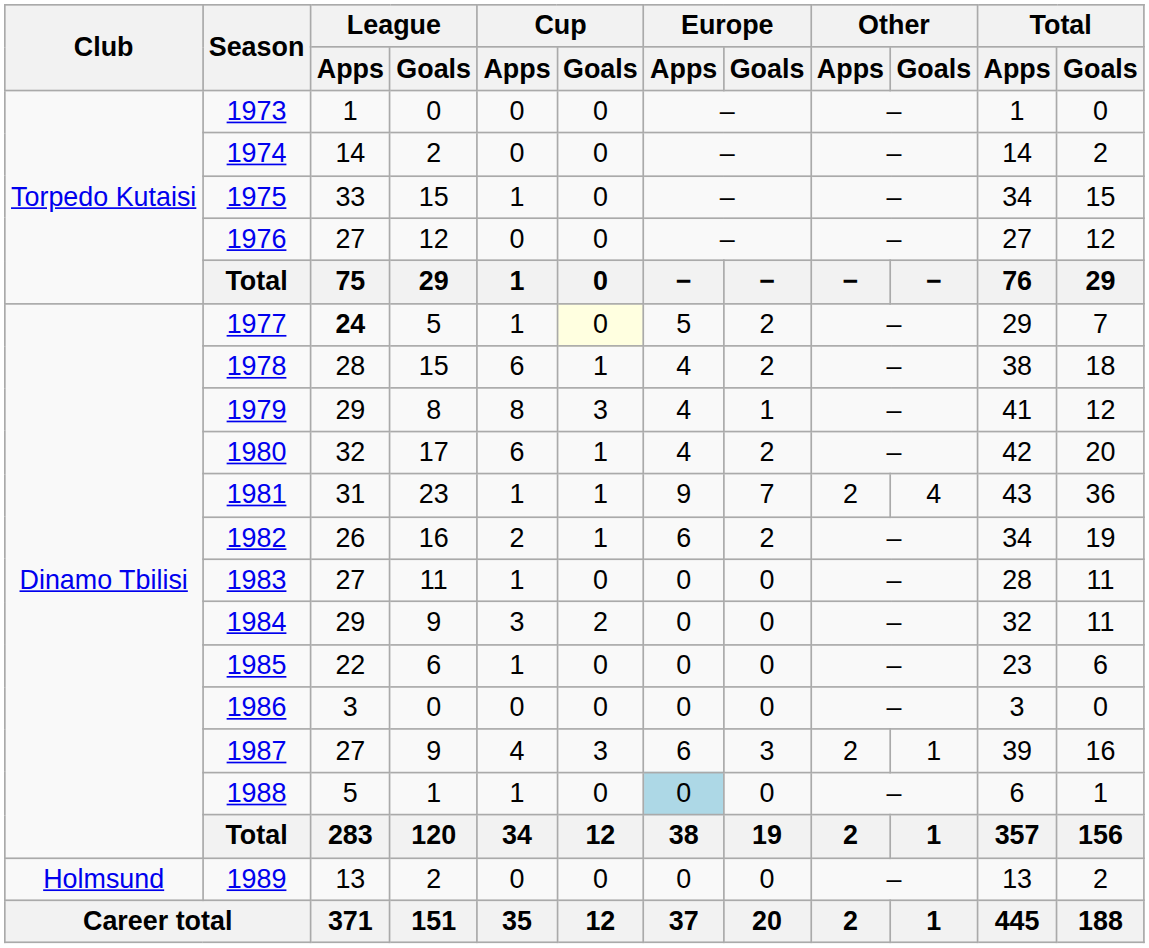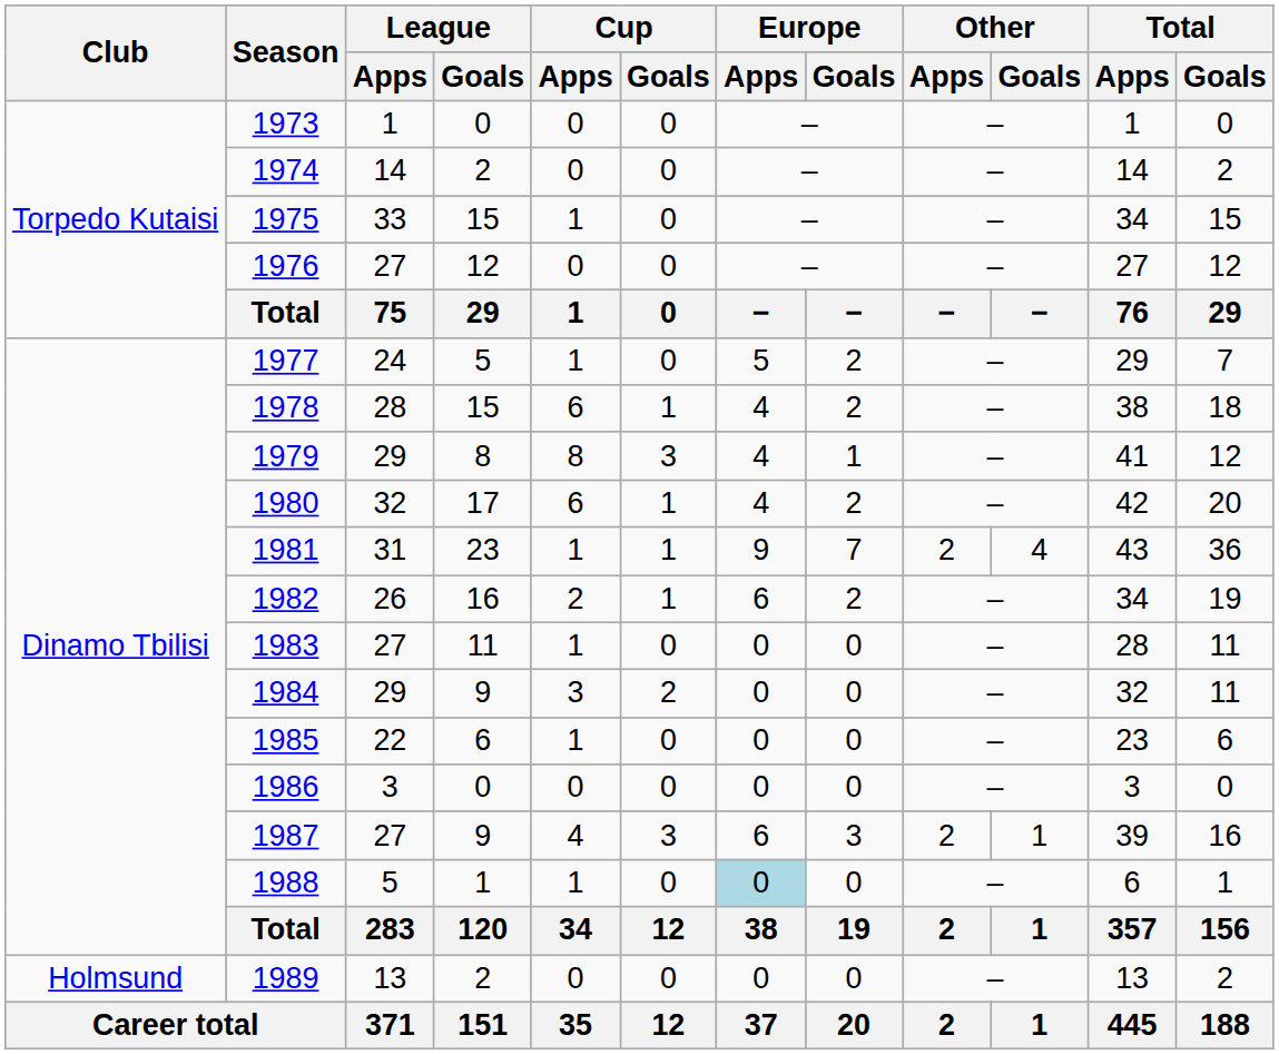 <table class="wikitable" style="text-align:center">
 <tr>
 <th rowspan="2">Club</th>
 <th rowspan="2">Season</th>
 <th colspan="2">League</th>
 <th colspan="2">Cup</th>
 <th colspan="2">Europe</th>
 <th colspan="2">Other</th>
 <th colspan="2">Total</th>
 </tr>
 <tr>
 <th>Apps</th>
 <th>Goals</th>
 <th>Apps</th>
 <th>Goals</th>
 <th>Apps</th>
 <th>Goals</th>
 <th>Apps</th>
 <th>Goals</th>
 <th>Apps</th>
 <th>Goals</th>
 </tr>
 <tr>
 <td rowspan="5"><a href='#'>Torpedo Kutaisi</a></td>
 <td><a href='#'>1973</a></td>
 <td>1</td>
 <td>0</td>
 <td>0</td>
 <td>0</td>
 <td colspan="2">–</td>
 <td colspan="2">–</td>
 <td>1</td>
 <td>0</td>
 </tr>
 <tr>
 <td><a href='#'>1974</a></td>
 <td>14</td>
 <td>2</td>
 <td>0</td>
 <td>0</td>
 <td colspan="2">–</td>
 <td colspan="2">–</td>
 <td>14</td>
 <td>2</td>
 </tr>
 <tr>
 <td><a href='#'>1975</a></td>
 <td>33</td>
 <td>15</td>
 <td>1</td>
 <td>0</td>
 <td colspan="2">–</td>
 <td colspan="2">–</td>
 <td>34</td>
 <td>15</td>
 </tr>
 <tr>
 <td><a href='#'>1976</a></td>
 <td>27</td>
 <td>12</td>
 <td>0</td>
 <td>0</td>
 <td colspan="2">–</td>
 <td colspan="2">–</td>
 <td>27</td>
 <td>12</td>
 </tr>
 <tr>
 <th>Total</th>
 <th>75</th>
 <th>29</th>
 <th>1</th>
 <th>0</th>
 <th>−</th>
 <th>−</th>
 <th>−</th>
 <th>−</th>
 <th>76</th>
 <th>29</th>
 </tr>
 <tr>
 <td rowspan="13"><a href='#'>Dinamo Tbilisi</a></td>
 <td><a href='#'>1977</a></td>
-<td><strong>24</strong></td>
+<td>24</td>
 <td>5</td>
 <td>1</td>
-<td style="background: lightyellow;">0</td>
+<td>0</td>
 <td>5</td>
 <td>2</td>
 <td colspan="2">–</td>
 <td>29</td>
 <td>7</td>
 </tr>
 <tr>
 <td><a href='#'>1978</a></td>
 <td>28</td>
 <td>15</td>
 <td>6</td>
 <td>1</td>
 <td>4</td>
 <td>2</td>
 <td colspan="2">–</td>
 <td>38</td>
 <td>18</td>
 </tr>
 <tr>
 <td><a href='#'>1979</a></td>
 <td>29</td>
 <td>8</td>
 <td>8</td>
 <td>3</td>
 <td>4</td>
 <td>1</td>
 <td colspan="2">–</td>
 <td>41</td>
 <td>12</td>
 </tr>
 <tr>
 <td><a href='#'>1980</a></td>
 <td>32</td>
 <td>17</td>
 <td>6</td>
 <td>1</td>
 <td>4</td>
 <td>2</td>
 <td colspan="2">–</td>
 <td>42</td>
 <td>20</td>
 </tr>
 <tr>
 <td><a href='#'>1981</a></td>
 <td>31</td>
 <td>23</td>
 <td>1</td>
 <td>1</td>
 <td>9</td>
 <td>7</td>
 <td>2</td>
 <td>4</td>
 <td 43>43</td>
 <td>36</td>
 </tr>
 <tr>
 <td><a href='#'>1982</a></td>
 <td>26</td>
 <td>16</td>
 <td>2</td>
 <td>1</td>
 <td>6</td>
 <td>2</td>
 <td colspan="2">–</td>
 <td>34</td>
 <td>19</td>
 </tr>
 <tr>
 <td><a href='#'>1983</a></td>
 <td>27</td>
 <td>11</td>
 <td>1</td>
 <td>0</td>
 <td>0</td>
 <td>0</td>
 <td colspan="2">–</td>
 <td>28</td>
 <td>11</td>
 </tr>
 <tr>
 <td><a href='#'>1984</a></td>
 <td>29</td>
 <td>9</td>
 <td>3</td>
 <td>2</td>
 <td>0</td>
 <td>0</td>
 <td colspan="2">–</td>
 <td>32</td>
 <td>11</td>
 </tr>
 <tr>
 <td><a href='#'>1985</a></td>
 <td>22</td>
 <td>6</td>
 <td>1</td>
 <td>0</td>
 <td>0</td>
 <td>0</td>
 <td colspan="2">–</td>
 <td>23</td>
 <td>6</td>
 </tr>
 <tr>
 <td><a href='#'>1986</a></td>
 <td>3</td>
 <td>0</td>
 <td>0</td>
 <td>0</td>
 <td>0</td>
 <td>0</td>
 <td colspan="2">–</td>
 <td>3</td>
 <td>0</td>
 </tr>
 <tr>
 <td><a href='#'>1987</a></td>
 <td>27</td>
 <td>9</td>
 <td>4</td>
 <td>3</td>
 <td>6</td>
 <td>3</td>
 <td>2</td>
 <td>1</td>
 <td>39</td>
 <td>16</td>
 </tr>
 <tr>
 <td><a href='#'>1988</a></td>
 <td>5</td>
 <td>1</td>
 <td>1</td>
 <td>0</td>
 <td style="background: lightblue;">0</td>
 <td>0</td>
 <td colspan="2">–</td>
 <td>6</td>
 <td>1</td>
 </tr>
 <tr>
 <th>Total</th>
 <th>283</th>
 <th>120</th>
 <th>34</th>
 <th>12</th>
 <th>38</th>
 <th>19</th>
 <th>2</th>
 <th>1</th>
 <th>357</th>
 <th>156</th>
 </tr>
 <tr>
 <td><a href='#'>Holmsund</a></td>
 <td><a href='#'>1989</a></td>
 <td>13</td>
 <td>2</td>
 <td>0</td>
 <td>0</td>
 <td>0</td>
 <td>0</td>
 <td colspan="2">–</td>
 <td>13</td>
 <td>2</td>
 </tr>
 <tr>
 <th colspan="2">Career total</th>
 <th>371</th>
 <th>151</th>
 <th>35</th>
 <th>12</th>
 <th>37</th>
 <th>20</th>
 <th>2</th>
 <th>1</th>
 <th>445</th>
 <th>188</th>
 </tr>
 </table>
